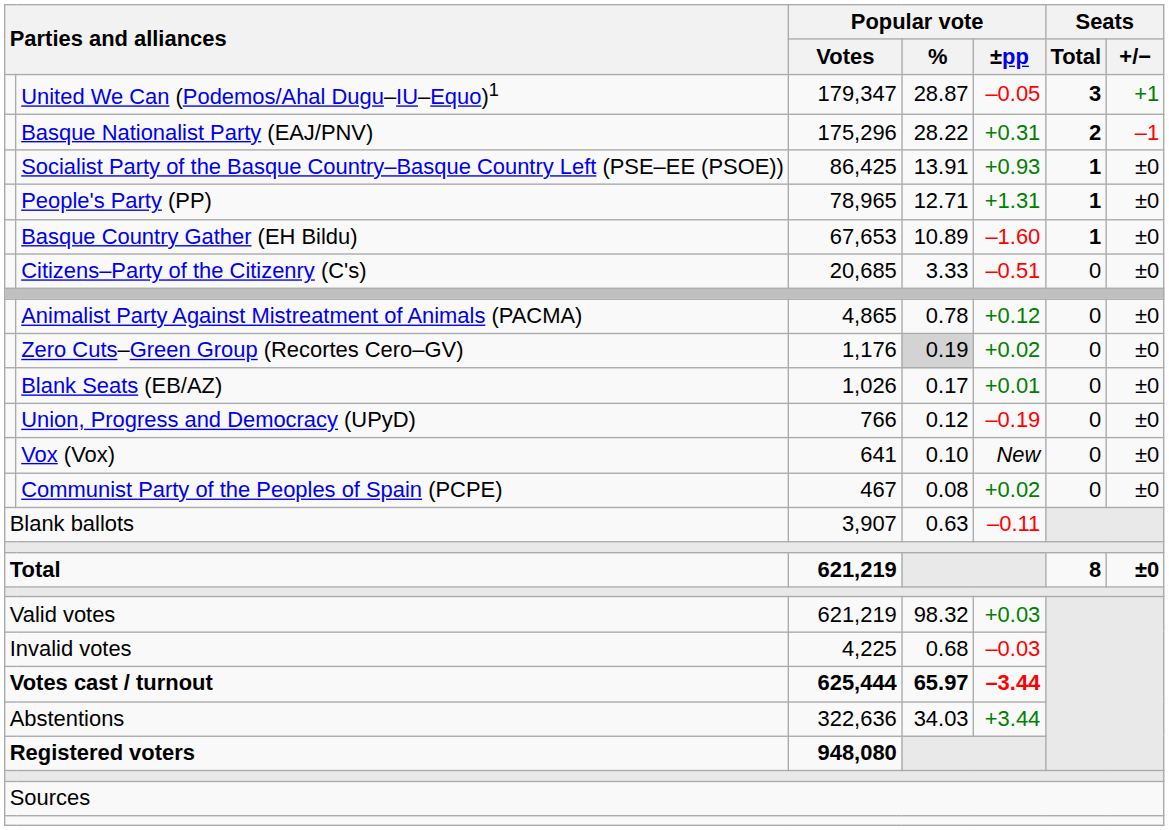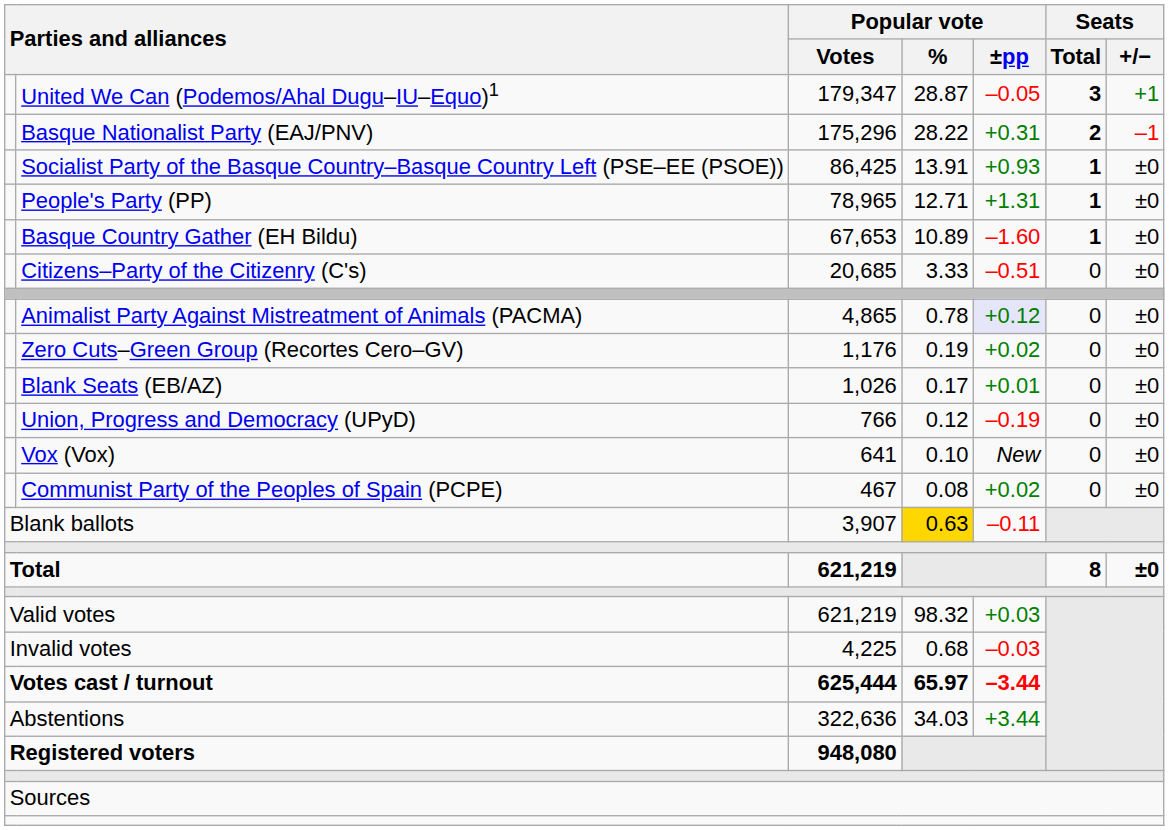 <table class="wikitable" style="text-align:right;">
 <tr>
 <th style="text-align:left;" rowspan="2" colspan="2" width="525">Parties and alliances</th>
 <th colspan="3">Popular vote</th>
 <th colspan="2">Seats</th>
 </tr>
 <tr>
 <th width="75">Votes</th>
 <th width="45">%</th>
 <th width="45">±<a href='#'>pp</a></th>
 <th width="35">Total</th>
 <th width="35">+/−</th>
 </tr>
 <tr>
 <td width="1" style="color:inherit;background:"></td>
 <td align="left"><a href='#'>United We Can</a> (<a href='#'>Podemos/Ahal Dugu</a>–<a href='#'>IU</a>–<a href='#'>Equo</a>)<sup>1</sup></td>
 <td>179,347</td>
 <td>28.87</td>
 <td style="color:red;">–0.05</td>
 <td><strong>3</strong></td>
 <td style="color:green;">+1</td>
 </tr>
 <tr>
 <td style="color:inherit;background:"></td>
 <td align="left"><a href='#'>Basque Nationalist Party</a> (EAJ/PNV)</td>
 <td>175,296</td>
 <td>28.22</td>
 <td style="color:green;">+0.31</td>
 <td><strong>2</strong></td>
 <td style="color:red;">–1</td>
 </tr>
 <tr>
 <td style="color:inherit;background:"></td>
 <td align="left"><a href='#'>Socialist Party of the Basque Country–Basque Country Left</a> (PSE–EE (PSOE))</td>
 <td>86,425</td>
 <td>13.91</td>
 <td style="color:green;">+0.93</td>
 <td><strong>1</strong></td>
 <td>±0</td>
 </tr>
 <tr>
 <td style="color:inherit;background:"></td>
 <td align="left"><a href='#'>People's Party</a> (PP)</td>
 <td>78,965</td>
 <td>12.71</td>
 <td style="color:green;">+1.31</td>
 <td><strong>1</strong></td>
 <td>±0</td>
 </tr>
 <tr>
 <td style="color:inherit;background:"></td>
 <td align="left"><a href='#'>Basque Country Gather</a> (EH Bildu)</td>
 <td>67,653</td>
 <td>10.89</td>
 <td style="color:red;">–1.60</td>
 <td><strong>1</strong></td>
 <td>±0</td>
 </tr>
 <tr>
 <td style="color:inherit;background:"></td>
 <td align="left"><a href='#'>Citizens–Party of the Citizenry</a> (C's)</td>
 <td>20,685</td>
 <td>3.33</td>
 <td style="color:red;">–0.51</td>
 <td>0</td>
 <td>±0</td>
 </tr>
 <tr>
 <td colspan="7" bgcolor="#C0C0C0"></td>
 </tr>
 <tr>
 <td style="color:inherit;background:"></td>
 <td align="left"><a href='#'>Animalist Party Against Mistreatment of Animals</a> (PACMA)</td>
 <td>4,865</td>
 <td>0.78</td>
-<td style="color:green;">+0.12</td>
+<td style="background: lavender; color:green;">+0.12</td>
 <td>0</td>
 <td>±0</td>
 </tr>
 <tr>
 <td style="color:inherit;background:"></td>
 <td align="left"><a href='#'>Zero Cuts</a>–<a href='#'>Green Group</a> (Recortes Cero–GV)</td>
 <td>1,176</td>
-<td style="background: lightgrey;">0.19</td>
+<td>0.19</td>
 <td style="color:green;">+0.02</td>
 <td>0</td>
 <td>±0</td>
 </tr>
 <tr>
 <td style="color:inherit;background:"></td>
 <td align="left"><a href='#'>Blank Seats</a> (EB/AZ)</td>
 <td>1,026</td>
 <td>0.17</td>
 <td style="color:green;">+0.01</td>
 <td>0</td>
 <td>±0</td>
 </tr>
 <tr>
 <td style="color:inherit;background:"></td>
 <td align="left"><a href='#'>Union, Progress and Democracy</a> (UPyD)</td>
 <td>766</td>
 <td>0.12</td>
 <td style="color:red;">–0.19</td>
 <td>0</td>
 <td>±0</td>
 </tr>
 <tr>
 <td style="color:inherit;background:"></td>
 <td align="left"><a href='#'>Vox</a> (Vox)</td>
 <td>641</td>
 <td>0.10</td>
 <td><em>New</em></td>
 <td>0</td>
 <td>±0</td>
 </tr>
 <tr>
 <td style="color:inherit;background:"></td>
 <td align="left"><a href='#'>Communist Party of the Peoples of Spain</a> (PCPE)</td>
 <td>467</td>
 <td>0.08</td>
 <td style="color:green;">+0.02</td>
 <td>0</td>
 <td>±0</td>
 </tr>
 <tr>
 <td align="left" colspan="2">Blank ballots</td>
 <td>3,907</td>
-<td>0.63</td>
+<td style="background: gold;">0.63</td>
 <td style="color:red;">–0.11</td>
 <td bgcolor="#E9E9E9" colspan="2"></td>
 </tr>
 <tr>
 <td colspan="7" bgcolor="#E9E9E9"></td>
 </tr>
 <tr style="font-weight:bold;">
 <td align="left" colspan="2">Total</td>
 <td>621,219</td>
 <td bgcolor="#E9E9E9" colspan="2"></td>
 <td>8</td>
 <td>±0</td>
 </tr>
 <tr>
 <td colspan="7" bgcolor="#E9E9E9"></td>
 </tr>
 <tr>
 <td align="left" colspan="2">Valid votes</td>
 <td>621,219</td>
 <td>98.32</td>
 <td style="color:green;">+0.03</td>
 <td bgcolor="#E9E9E9" colspan="2" rowspan="5"></td>
 </tr>
 <tr>
 <td align="left" colspan="2">Invalid votes</td>
 <td>4,225</td>
 <td>0.68</td>
 <td style="color:red;">–0.03</td>
 </tr>
 <tr style="font-weight:bold;">
 <td align="left" colspan="2">Votes cast / turnout</td>
 <td>625,444</td>
 <td>65.97</td>
 <td style="color:red;">–3.44</td>
 </tr>
 <tr>
 <td align="left" colspan="2">Abstentions</td>
 <td>322,636</td>
 <td>34.03</td>
 <td style="color:green;">+3.44</td>
 </tr>
 <tr style="font-weight:bold;">
 <td align="left" colspan="2">Registered voters</td>
 <td>948,080</td>
 <td bgcolor="#E9E9E9" colspan="2"></td>
 </tr>
 <tr>
 <td colspan="7" bgcolor="#E9E9E9"></td>
 </tr>
 <tr>
 <td align="left" colspan="7">Sources</td>
 </tr>
 <tr>
 <td colspan="7" style="text-align:left; max-width:790px;"></td>
 </tr>
 </table>
